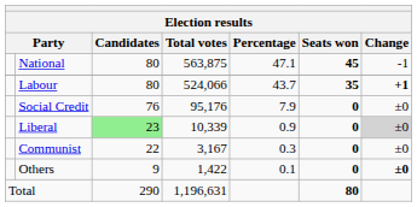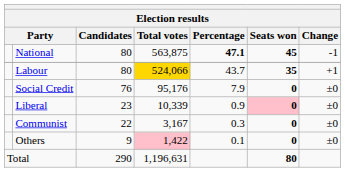 <table class="wikitable" style="text-align:right">
 <tr>
 <th colspan=7></th>
 </tr>
 <tr>
 <th colspan=7>Election results</th>
 </tr>
 <tr>
 <th colspan=2>Party</th>
 <th>Candidates</th>
 <th>Total votes</th>
 <th>Percentage</th>
 <th>Seats won</th>
 <th>Change</th>
 </tr>
 <tr>
 <td width=5 bgcolor=></td>
 <td align=left><a href='#'>National</a></td>
 <td>80</td>
 <td>563,875</td>
-<td>47.1</td>
+<td><strong>47.1</strong></td>
 <td><strong>45</strong></td>
 <td>-1</td>
 </tr>
 <tr>
 </tr>
 <tr>
 <td bgcolor=></td>
 <td align=left><a href='#'>Labour</a></td>
 <td>80</td>
-<td>524,066</td>
+<td style="background: gold;">524,066</td>
 <td>43.7</td>
 <td><strong>35</strong></td>
-<td><strong>+1</strong></td>
+<td>+1</td>
 </tr>
 <tr>
 <td bgcolor=></td>
 <td align=left><a href='#'>Social Credit</a></td>
 <td>76</td>
 <td>95,176</td>
 <td>7.9</td>
 <td><strong>0</strong></td>
 <td>±0</td>
 </tr>
 <tr>
 <td bgcolor=></td>
 <td align=left><a href='#'>Liberal</a></td>
-<td style="background: lightgreen;">23</td>
+<td>23</td>
 <td>10,339</td>
 <td>0.9</td>
-<td><strong>0</strong></td>
-<td style="background: lightgrey;">±0</td>
+<td style="background: pink;"><strong>0</strong></td>
+<td>±0</td>
 </tr>
 <tr>
 <td bgcolor=></td>
 <td align=left><a href='#'>Communist</a></td>
 <td>22</td>
 <td>3,167</td>
 <td>0.3</td>
 <td><strong>0</strong></td>
 <td>±0</td>
 </tr>
 <tr>
 <td bgcolor=></td>
 <td align=left>Others</td>
 <td>9</td>
-<td>1,422</td>
+<td style="background: pink;">1,422</td>
 <td>0.1</td>
 <td><strong>0</strong></td>
-<td><strong>±0</strong></td>
+<td>±0</td>
 </tr>
 <tr bgcolor=>
 <td colspan=2 align=left>Total</td>
 <td>290</td>
 <td>1,196,631</td>
 <td></td>
 <td><strong>80</strong></td>
 <td></td>
 </tr>
 </table>
